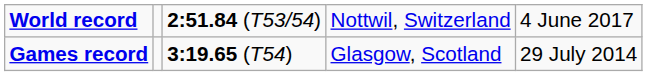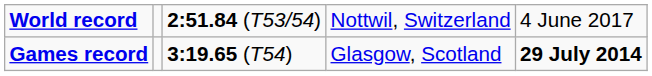 <table class="wikitable">
 <tr>
 <td><a href='#'><strong>World record</strong></a></td>
 <td></td>
 <td><strong>2:51.84</strong> (<em>T53/54</em>)</td>
 <td><a href='#'>Nottwil</a>, <a href='#'>Switzerland</a></td>
 <td>4 June 2017</td>
 </tr>
 <tr>
 <td><a href='#'><strong>Games record</strong></a></td>
 <td></td>
 <td><strong>3:19.65</strong> (<em>T54</em>)</td>
 <td><a href='#'>Glasgow</a>, <a href='#'>Scotland</a></td>
-<td>29 July 2014</td>
+<td><strong>29 July 2014</strong></td>
 </tr>
 </table>
